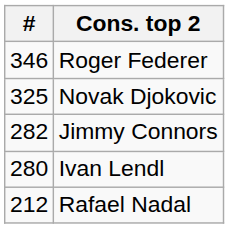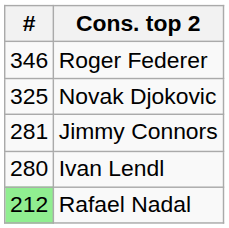 <table class="wikitable" style="display:inline-table;">
 <tr>
 <th>#</th>
 <th>Cons. top 2</th>
 </tr>
 <tr>
 <td>346</td>
 <td> Roger Federer</td>
 </tr>
 <tr>
 <td>325</td>
 <td> Novak Djokovic</td>
 </tr>
 <tr>
-<td>282</td>
+<td>281</td>
 <td> Jimmy Connors</td>
 </tr>
 <tr>
 <td>280</td>
 <td> Ivan Lendl</td>
 </tr>
 <tr>
-<td>212</td>
+<td style="background: lightgreen;">212</td>
 <td> Rafael Nadal</td>
 </tr>
 </table>
